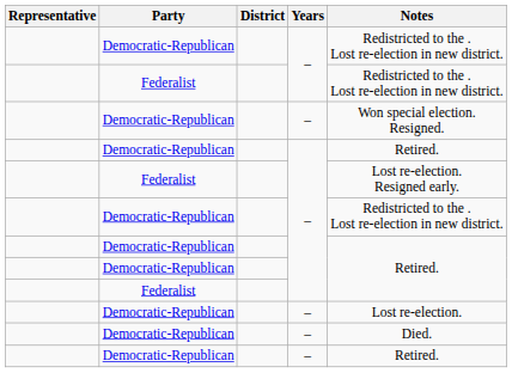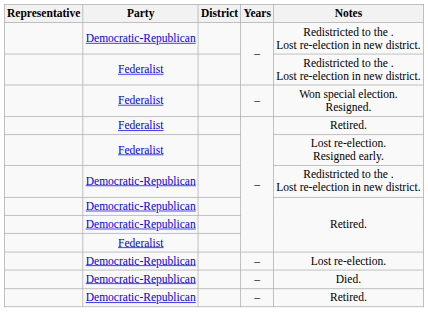 <table class="wikitable sortable" style="text-align:center">
 <tr valign=bottom>
 <th>Representative</th>
 <th>Party</th>
 <th>District</th>
 <th>Years</th>
 <th>Notes</th>
 </tr>
 <tr>
 <td align=left></td>
 <td><a href='#'>Democratic-Republican</a></td>
 <td></td>
 <td rowspan="2" nowrap=""> –<br></td>
 <td>Redistricted to the .<br>Lost re-election in new district.</td>
 </tr>
 <tr>
 <td align=left></td>
 <td><a href='#'>Federalist</a></td>
 <td></td>
 <td>Redistricted to the .<br>Lost re-election in new district.</td>
 </tr>
 <tr>
 <td align=left></td>
-<td><a href='#'>Democratic-Republican</a></td>
+<td><a href='#'>Federalist</a></td>
 <td></td>
 <td nowrap> –<br></td>
 <td>Won special election.<br>Resigned.</td>
 </tr>
 <tr>
 <td align=left></td>
-<td><a href='#'>Democratic-Republican</a></td>
+<td><a href='#'>Federalist</a></td>
 <td></td>
 <td rowspan="6" nowrap=""> –<br></td>
 <td>Retired.</td>
 </tr>
 <tr>
 <td align=left></td>
 <td><a href='#'>Federalist</a></td>
 <td></td>
 <td>Lost re-election.<br>Resigned early.</td>
 </tr>
 <tr>
 <td align=left></td>
 <td><a href='#'>Democratic-Republican</a></td>
 <td></td>
 <td>Redistricted to the .<br>Lost re-election in new district.</td>
 </tr>
 <tr>
 <td align=left></td>
 <td><a href='#'>Democratic-Republican</a></td>
 <td></td>
 <td rowspan="3">Retired.</td>
 </tr>
 <tr>
 <td align=left></td>
 <td><a href='#'>Democratic-Republican</a></td>
 <td></td>
 </tr>
 <tr>
 <td align=left></td>
 <td><a href='#'>Federalist</a></td>
 <td></td>
 </tr>
 <tr>
 <td align=left></td>
 <td><a href='#'>Democratic-Republican</a></td>
 <td></td>
 <td nowrap> –<br></td>
 <td>Lost re-election.</td>
 </tr>
 <tr>
 <td align=left></td>
 <td><a href='#'>Democratic-Republican</a></td>
 <td></td>
 <td nowrap> –<br></td>
 <td>Died.</td>
 </tr>
 <tr>
 <td align=left></td>
 <td><a href='#'>Democratic-Republican</a></td>
 <td></td>
 <td nowrap> –<br></td>
 <td>Retired.</td>
 </tr>
 </table>
